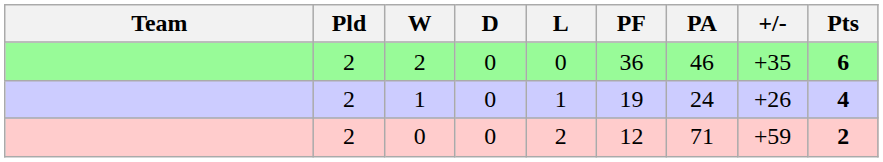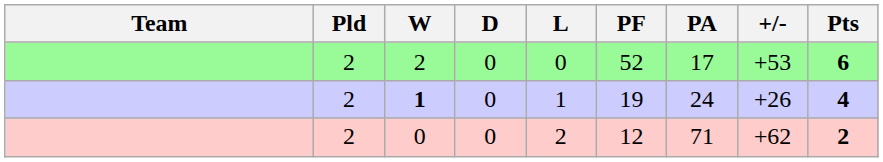 <table class="wikitable" style="text-align: center;">
 <tr>
 <th width="200">Team</th>
 <th width="40">Pld</th>
 <th width="40">W</th>
 <th width="40">D</th>
 <th width="40">L</th>
 <th width="40">PF</th>
 <th width="40">PA</th>
 <th width="40">+/-</th>
 <th width="40">Pts</th>
 </tr>
 <tr align="center" bgcolor="#98fb98">
 <td style="text-align:left;"></td>
 <td>2</td>
 <td>2</td>
 <td>0</td>
 <td>0</td>
-<td>36</td>
-<td>46</td>
-<td>+35</td>
+<td>52</td>
+<td>17</td>
+<td>+53</td>
 <td><strong>6</strong></td>
 </tr>
 <tr bgcolor="#ccccff">
 <td style="text-align:left;"></td>
 <td>2</td>
-<td>1</td>
+<td><strong>1</strong></td>
 <td>0</td>
 <td>1</td>
 <td>19</td>
 <td>24</td>
 <td>+26</td>
 <td><strong>4</strong></td>
 </tr>
 <tr bgcolor="#ffcccc">
 <td style="text-align:left;"></td>
 <td>2</td>
 <td>0</td>
 <td>0</td>
 <td>2</td>
 <td>12</td>
 <td>71</td>
-<td>+59</td>
+<td>+62</td>
 <td><strong>2</strong></td>
 </tr>
 </table>
